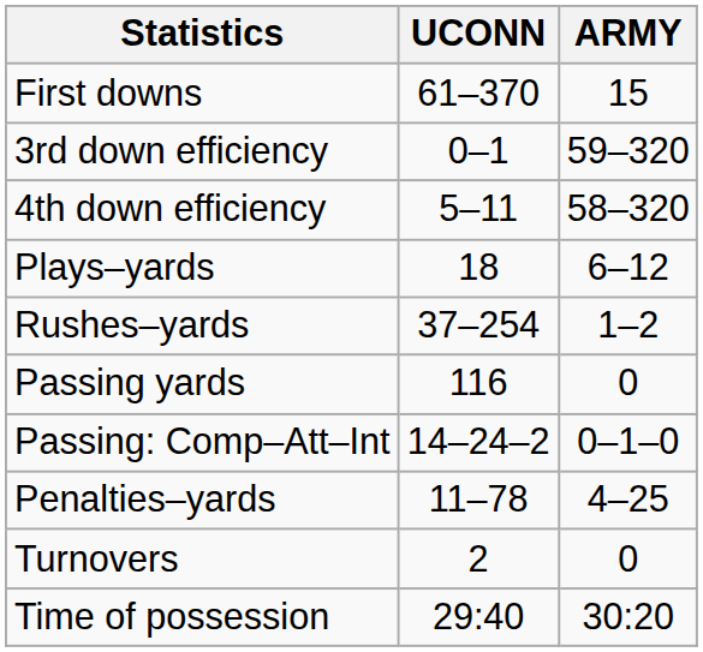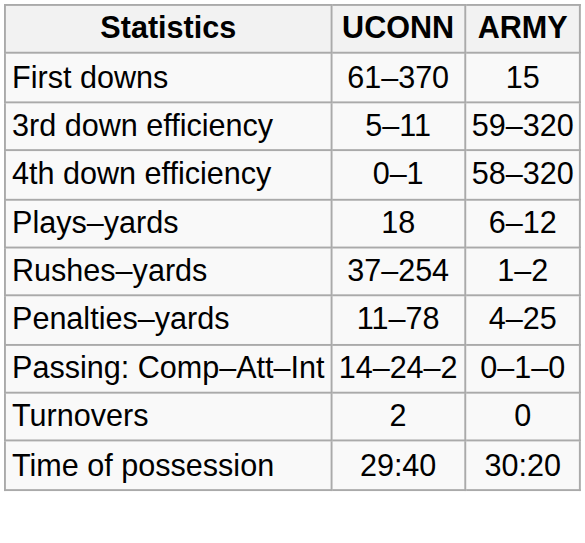 <table class="wikitable">
 <tr>
 <th>Statistics</th>
 <th>UCONN</th>
 <th>ARMY</th>
 </tr>
 <tr>
 <td>First downs</td>
 <td align=center>61–370</td>
 <td align=center>15</td>
 </tr>
 <tr>
 <td>3rd down efficiency</td>
-<td align=center>0–1</td>
+<td align=center>5–11</td>
 <td align=center>59–320</td>
 </tr>
 <tr>
 <td>4th down efficiency</td>
-<td align=center>5–11</td>
+<td align=center>0–1</td>
 <td align=center>58–320</td>
 </tr>
 <tr>
 <td>Plays–yards</td>
 <td align=center>18</td>
 <td align=center>6–12</td>
 </tr>
 <tr>
 <td>Rushes–yards</td>
 <td align=center>37–254</td>
 <td align=center>1–2</td>
 </tr>
 <tr>
-<td>Passing yards</td>
-<td align=center>116</td>
-<td align=center>0</td>
+<td>Penalties–yards</td>
+<td align=center>11–78</td>
+<td align=center>4–25</td>
 </tr>
 <tr>
 <td>Passing: Comp–Att–Int</td>
 <td align=center>14–24–2</td>
 <td align=center>0–1–0</td>
-</tr>
-<tr>
-<td>Penalties–yards</td>
-<td align=center>11–78</td>
-<td align=center>4–25</td>
 </tr>
 <tr>
 <td>Turnovers</td>
 <td align=center>2</td>
 <td align=center>0</td>
 </tr>
 <tr>
 <td>Time of possession</td>
 <td align=center>29:40</td>
 <td align=center>30:20</td>
 </tr>
 </table>
